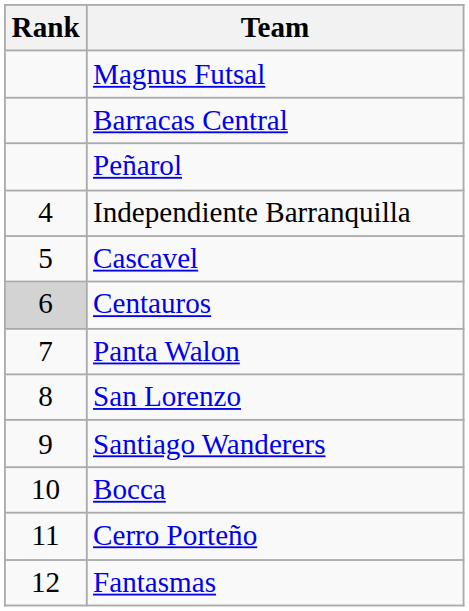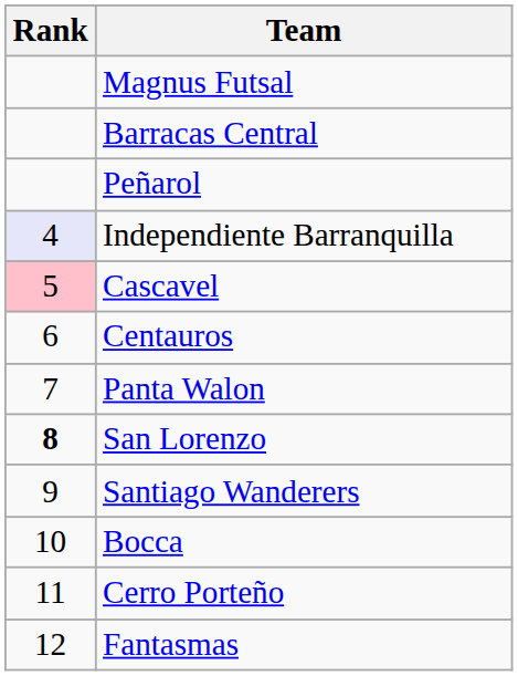 <table class="wikitable col2-left" style="text-align:center">
 <tr>
 <th width=30>Rank</th>
 <th width=200>Team</th>
 </tr>
 <tr>
 <td></td>
 <td align="left"> <a href='#'>Magnus Futsal</a></td>
 </tr>
 <tr>
 <td></td>
 <td align="left"> <a href='#'>Barracas Central</a></td>
 </tr>
 <tr>
 <td></td>
 <td align="left"> <a href='#'>Peñarol</a></td>
 </tr>
 <tr>
-<td>4</td>
+<td style="background: lavender;">4</td>
 <td align="left"> Independiente Barranquilla</td>
 </tr>
 <tr>
-<td>5</td>
+<td style="background: pink;">5</td>
 <td align="left"> <a href='#'>Cascavel</a></td>
 </tr>
 <tr>
-<td style="background: lightgrey;">6</td>
+<td>6</td>
 <td align="left"> <a href='#'>Centauros</a></td>
 </tr>
 <tr>
 <td>7</td>
 <td align="left"> <a href='#'>Panta Walon</a></td>
 </tr>
 <tr>
-<td>8</td>
+<td><strong>8</strong></td>
 <td align="left"> <a href='#'>San Lorenzo</a></td>
 </tr>
 <tr>
 <td>9</td>
 <td align="left"> <a href='#'>Santiago Wanderers</a></td>
 </tr>
 <tr>
 <td>10</td>
 <td align="left"> <a href='#'>Bocca</a></td>
 </tr>
 <tr>
 <td>11</td>
 <td align="left"> <a href='#'>Cerro Porteño</a></td>
 </tr>
 <tr>
 <td>12</td>
 <td align="left"> <a href='#'>Fantasmas</a></td>
 </tr>
 </table>
